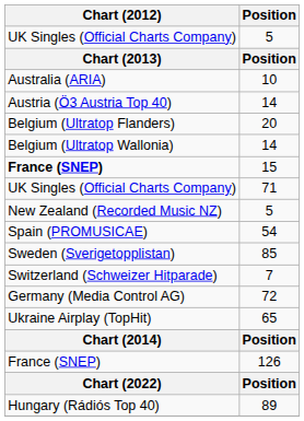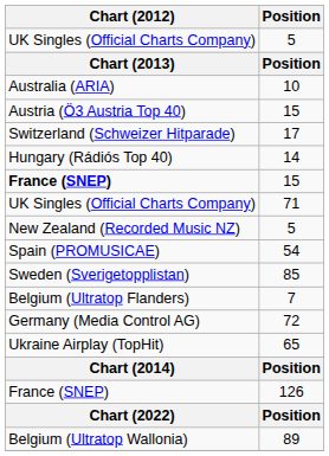 <table class="wikitable sortable">
 <tr>
 <th scope="col">Chart (2012)</th>
 <th scope="col">Position</th>
 </tr>
 <tr>
 <td>UK Singles (<a href='#'>Official Charts Company</a>)</td>
 <td style="text-align:center;">5</td>
 </tr>
 <tr>
 <th scope="col">Chart (2013)</th>
 <th scope="col">Position</th>
 </tr>
 <tr>
 <td>Australia (<a href='#'>ARIA</a>)</td>
 <td style="text-align:center;">10</td>
 </tr>
 <tr>
 <td>Austria (<a href='#'>Ö3 Austria Top 40</a>)</td>
-<td style="text-align:center;">14</td>
+<td style="text-align:center;">15</td>
 </tr>
 <tr>
-<td>Belgium (<a href='#'>Ultratop</a> Flanders)</td>
-<td style="text-align:center;">20</td>
+<td>Switzerland (<a href='#'>Schweizer Hitparade</a>)</td>
+<td style="text-align:center;">17</td>
 </tr>
 <tr>
-<td>Belgium (<a href='#'>Ultratop</a> Wallonia)</td>
+<td>Hungary (Rádiós Top 40)</td>
 <td style="text-align:center;">14</td>
 </tr>
 <tr>
 <td><strong>France (<a href='#'>SNEP</a>)</strong></td>
 <td style="text-align:center;">15</td>
 </tr>
 <tr>
 <td>UK Singles (<a href='#'>Official Charts Company</a>)</td>
 <td style="text-align:center;">71</td>
 </tr>
 <tr>
 <td>New Zealand (<a href='#'>Recorded Music NZ</a>)</td>
 <td style="text-align:center;">5</td>
 </tr>
 <tr>
 <td>Spain (<a href='#'>PROMUSICAE</a>)</td>
 <td style="text-align:center;">54</td>
 </tr>
 <tr>
 <td>Sweden (<a href='#'>Sverigetopplistan</a>)</td>
 <td style="text-align:center;">85</td>
 </tr>
 <tr>
-<td>Switzerland (<a href='#'>Schweizer Hitparade</a>)</td>
+<td>Belgium (<a href='#'>Ultratop</a> Flanders)</td>
 <td style="text-align:center;">7</td>
 </tr>
 <tr>
 <td>Germany (Media Control AG)</td>
 <td align="center">72</td>
 </tr>
 <tr>
 <td>Ukraine Airplay (TopHit)</td>
 <td style="text-align:center;">65</td>
 </tr>
 <tr>
 <th scope="col">Chart (2014)</th>
 <th scope="col">Position</th>
 </tr>
 <tr>
 <td>France (<a href='#'>SNEP</a>)</td>
 <td style="text-align:center;">126</td>
 </tr>
 <tr>
 <th scope="col">Chart (2022)</th>
 <th scope="col">Position</th>
 </tr>
 <tr>
-<td>Hungary (Rádiós Top 40)</td>
+<td>Belgium (<a href='#'>Ultratop</a> Wallonia)</td>
 <td align="center">89</td>
 </tr>
 <tr>
 </tr>
 </table>
